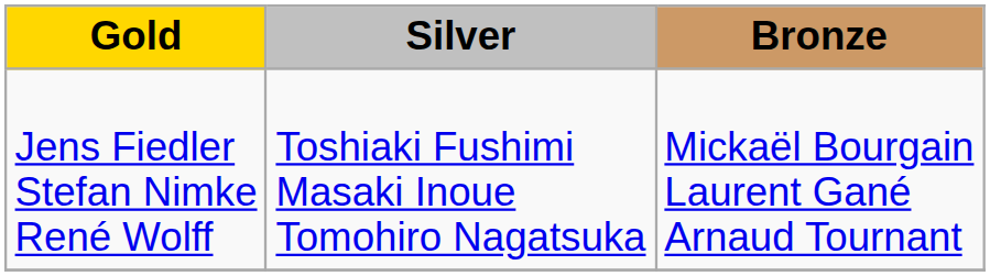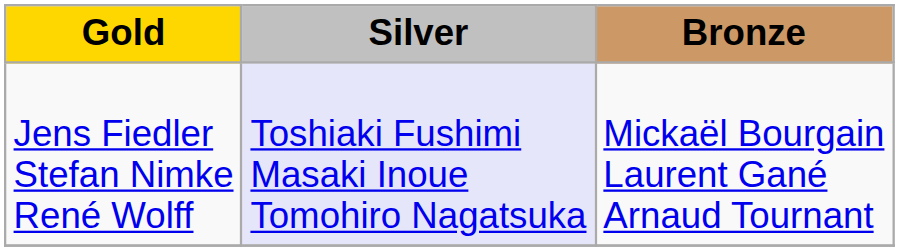 <table class="wikitable">
 <tr>
 <td align=center bgcolor=gold> <strong>Gold</strong></td>
 <td align=center bgcolor=silver> <strong>Silver</strong></td>
 <td align=center bgcolor=cc9966> <strong>Bronze</strong></td>
 </tr>
 <tr>
 <td><br><a href='#'>Jens Fiedler</a><br><a href='#'>Stefan Nimke</a><br><a href='#'>René Wolff</a></td>
-<td><br><a href='#'>Toshiaki Fushimi</a><br><a href='#'>Masaki Inoue</a><br><a href='#'>Tomohiro Nagatsuka</a></td>
+<td style="background: lavender;"><br><a href='#'>Toshiaki Fushimi</a><br><a href='#'>Masaki Inoue</a><br><a href='#'>Tomohiro Nagatsuka</a></td>
 <td><br><a href='#'>Mickaël Bourgain</a><br><a href='#'>Laurent Gané</a><br><a href='#'>Arnaud Tournant</a></td>
 </tr>
 <tr>
 </tr>
 </table>
